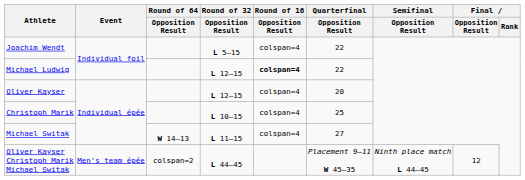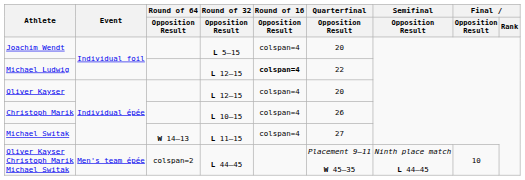 <table class=wikitable style=font-size:90%;text-align:center>
 <tr>
 <th rowspan=2>Athlete</th>
 <th rowspan=2>Event</th>
 <th>Round of 64</th>
 <th>Round of 32</th>
 <th>Round of 16</th>
 <th>Quarterfinal</th>
 <th>Semifinal</th>
 <th colspan=2>Final / </th>
 </tr>
 <tr style=font-size:95%>
 <th>Opposition<br>Result</th>
 <th>Opposition<br>Result</th>
 <th>Opposition<br>Result</th>
 <th>Opposition<br>Result</th>
 <th>Opposition<br>Result</th>
 <th>Opposition<br>Result</th>
 <th>Rank</th>
 </tr>
 <tr>
 <td align=left><a href='#'>Joachim Wendt</a></td>
 <td align=left rowspan=2><a href='#'>Individual foil</a></td>
 <td></td>
 <td><br><strong>L</strong> 5–15</td>
 <td>colspan=4 </td>
-<td>22</td>
+<td>20</td>
 </tr>
 <tr>
 <td align=left><a href='#'>Michael Ludwig</a></td>
 <td></td>
 <td><br><strong>L</strong> 12–15</td>
 <td><strong>colspan=4 </strong></td>
 <td>22</td>
 </tr>
 <tr>
 <td align=left><a href='#'>Oliver Kayser</a></td>
 <td align=left rowspan=3><a href='#'>Individual épée</a></td>
 <td></td>
 <td><br><strong>L</strong> 12–15</td>
 <td>colspan=4 </td>
 <td>20</td>
 </tr>
 <tr>
 <td align=left><a href='#'>Christoph Marik</a></td>
 <td></td>
 <td><br><strong>L</strong> 10–15</td>
 <td>colspan=4 </td>
-<td>25</td>
+<td>26</td>
 </tr>
 <tr>
 <td align=left><a href='#'>Michael Switak</a></td>
 <td><br><strong>W</strong> 14–13</td>
 <td><br><strong>L</strong> 11–15</td>
 <td>colspan=4 </td>
 <td>27</td>
 </tr>
 <tr>
 <td align=left><a href='#'>Oliver Kayser</a><br><a href='#'>Christoph Marik</a><br><a href='#'>Michael Switak</a></td>
 <td align=left><a href='#'>Men's team épée</a></td>
 <td>colspan=2 </td>
 <td><br><strong>L</strong> 44–45</td>
 <td></td>
 <td><em>Placement 9–11</em><br><br><strong>W</strong> 45–35</td>
 <td><em>Ninth place match</em><br><br><strong>L</strong> 44–45</td>
-<td>12</td>
+<td>10</td>
 </tr>
 </table>
